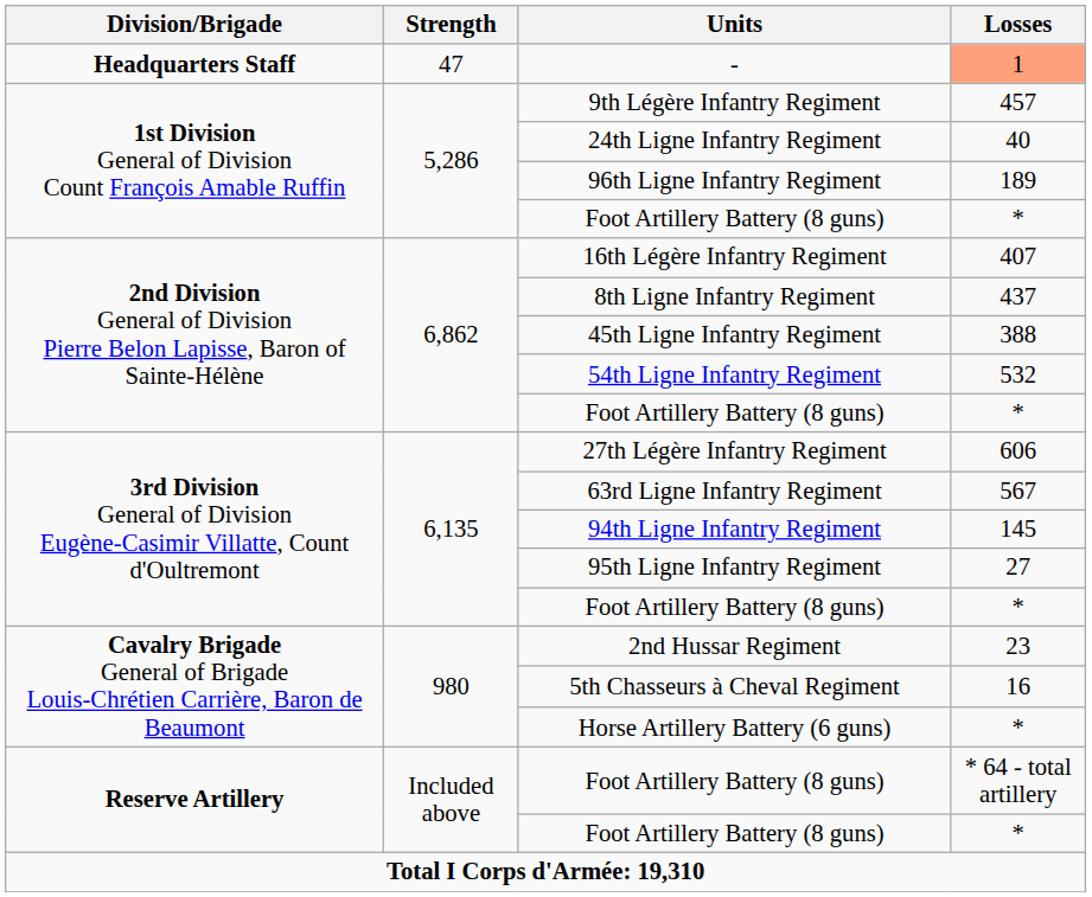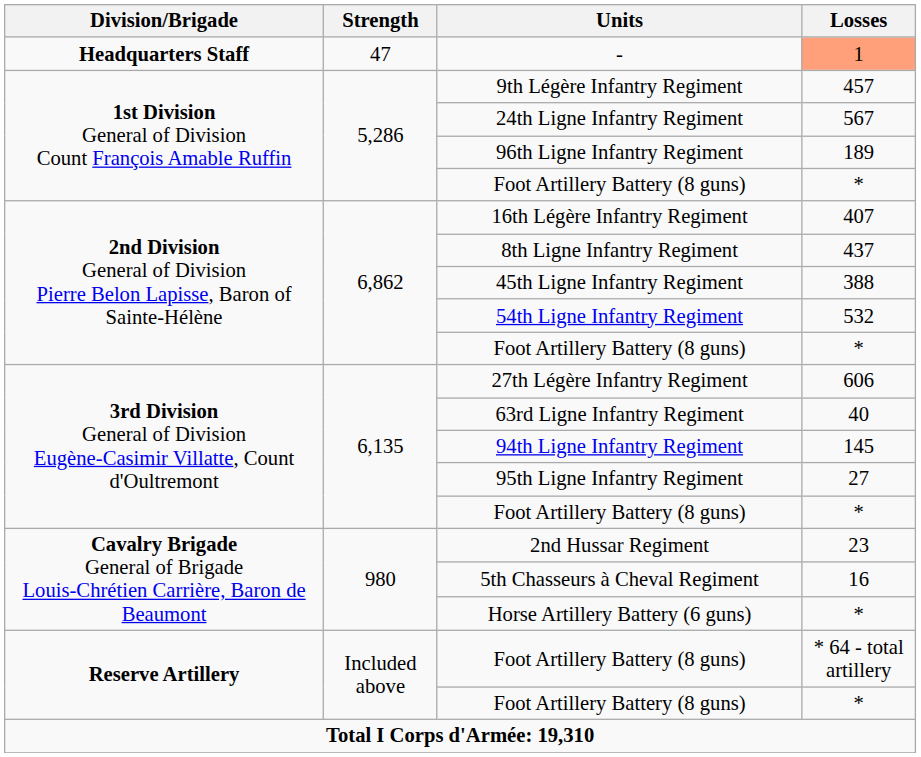 <table class="wikitable" width="80%" style="text-align:center;">
 <tr>
 <th style="width:35%;">Division/Brigade</th>
 <th style="width:12.5%;">Strength</th>
 <th style="width:40%;">Units</th>
 <th style="width:12.5%;">Losses</th>
 </tr>
 <tr>
 <td ROWSPAN=1><strong>Headquarters Staff</strong></td>
 <td ROWSPAN=1>47</td>
 <td ROWSPAN=1>-</td>
 <td style="background: lightsalmon;">1</td>
 </tr>
 <tr>
 <td ROWSPAN=4><strong>1st Division</strong><br>General of Division<br>Count <a href='#'>François Amable Ruffin</a></td>
 <td ROWSPAN=4>5,286</td>
 <td>9th Légère Infantry Regiment</td>
 <td>457</td>
 </tr>
 <tr>
 <td>24th Ligne Infantry Regiment</td>
-<td>40</td>
+<td>567</td>
 </tr>
 <tr>
 <td>96th Ligne Infantry Regiment</td>
 <td>189</td>
 </tr>
 <tr>
 <td>Foot Artillery Battery (8 guns)</td>
 <td>*</td>
 </tr>
 <tr>
 <td ROWSPAN=5><strong>2nd Division</strong><br>General of Division<br><a href='#'>Pierre Belon Lapisse</a>, Baron of Sainte-Hélène</td>
 <td ROWSPAN=5>6,862</td>
 <td>16th Légère Infantry Regiment</td>
 <td>407</td>
 </tr>
 <tr>
 <td>8th Ligne Infantry Regiment</td>
 <td>437</td>
 </tr>
 <tr>
 <td>45th Ligne Infantry Regiment</td>
 <td>388</td>
 </tr>
 <tr>
 <td><a href='#'>54th Ligne Infantry Regiment</a></td>
 <td>532</td>
 </tr>
 <tr>
 <td>Foot Artillery Battery (8 guns)</td>
 <td>*</td>
 </tr>
 <tr>
 <td ROWSPAN=5><strong>3rd Division</strong><br>General of Division<br><a href='#'>Eugène-Casimir Villatte</a>, Count d'Oultremont</td>
 <td ROWSPAN=5>6,135</td>
 <td>27th Légère Infantry Regiment</td>
 <td>606</td>
 </tr>
 <tr>
 <td>63rd Ligne Infantry Regiment</td>
-<td>567</td>
+<td>40</td>
 </tr>
 <tr>
 <td><a href='#'>94th Ligne Infantry Regiment</a></td>
 <td>145</td>
 </tr>
 <tr>
 <td>95th Ligne Infantry Regiment</td>
 <td>27</td>
 </tr>
 <tr>
 <td>Foot Artillery Battery (8 guns)</td>
 <td>*</td>
 </tr>
 <tr>
 <td ROWSPAN=3><strong>Cavalry Brigade</strong><br>General of Brigade<br><a href='#'>Louis-Chrétien Carrière, Baron de Beaumont</a></td>
 <td ROWSPAN=3>980</td>
 <td>2nd Hussar Regiment</td>
 <td>23</td>
 </tr>
 <tr>
 <td>5th Chasseurs à Cheval Regiment</td>
 <td>16</td>
 </tr>
 <tr>
 <td>Horse Artillery Battery (6 guns)</td>
 <td>*</td>
 </tr>
 <tr>
 <td ROWSPAN=2><strong>Reserve Artillery</strong></td>
 <td ROWSPAN=2>Included above</td>
 <td>Foot Artillery Battery (8 guns)</td>
 <td>* 64 - total artillery</td>
 </tr>
 <tr>
 <td>Foot Artillery Battery (8 guns)</td>
 <td>*</td>
 </tr>
 <tr>
 <td colspan=4><strong>Total I Corps d'Armée: 19,310</strong></td>
 </tr>
 </table>
